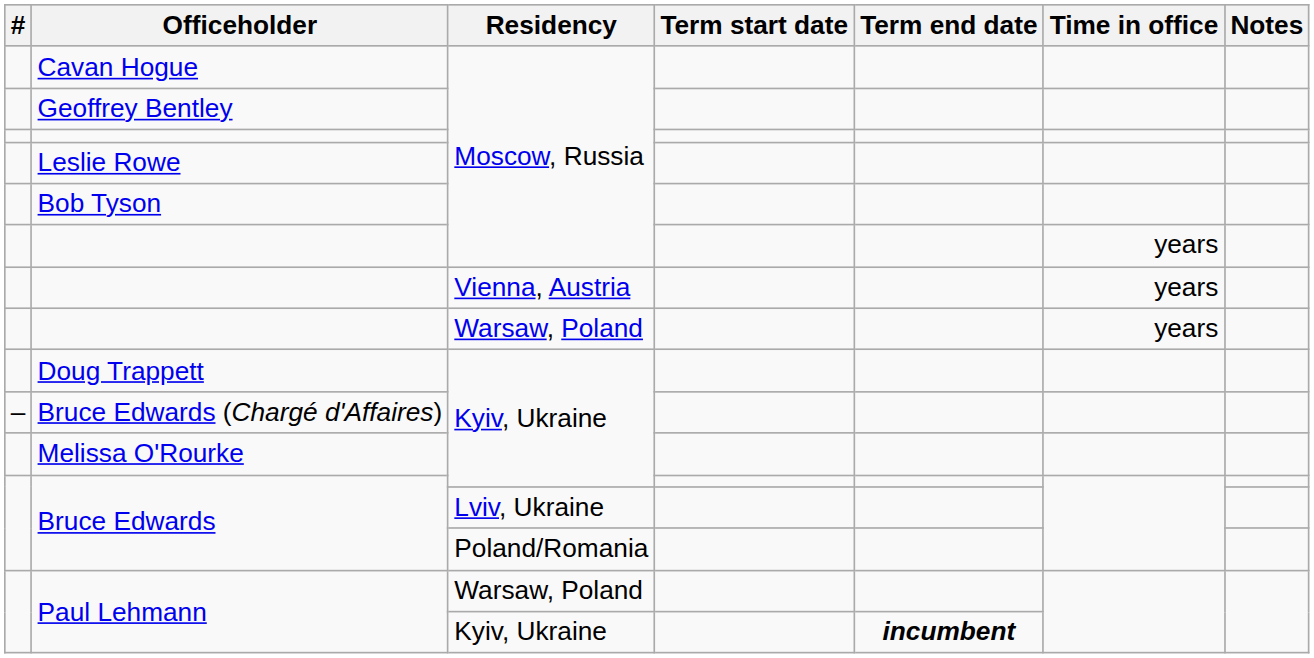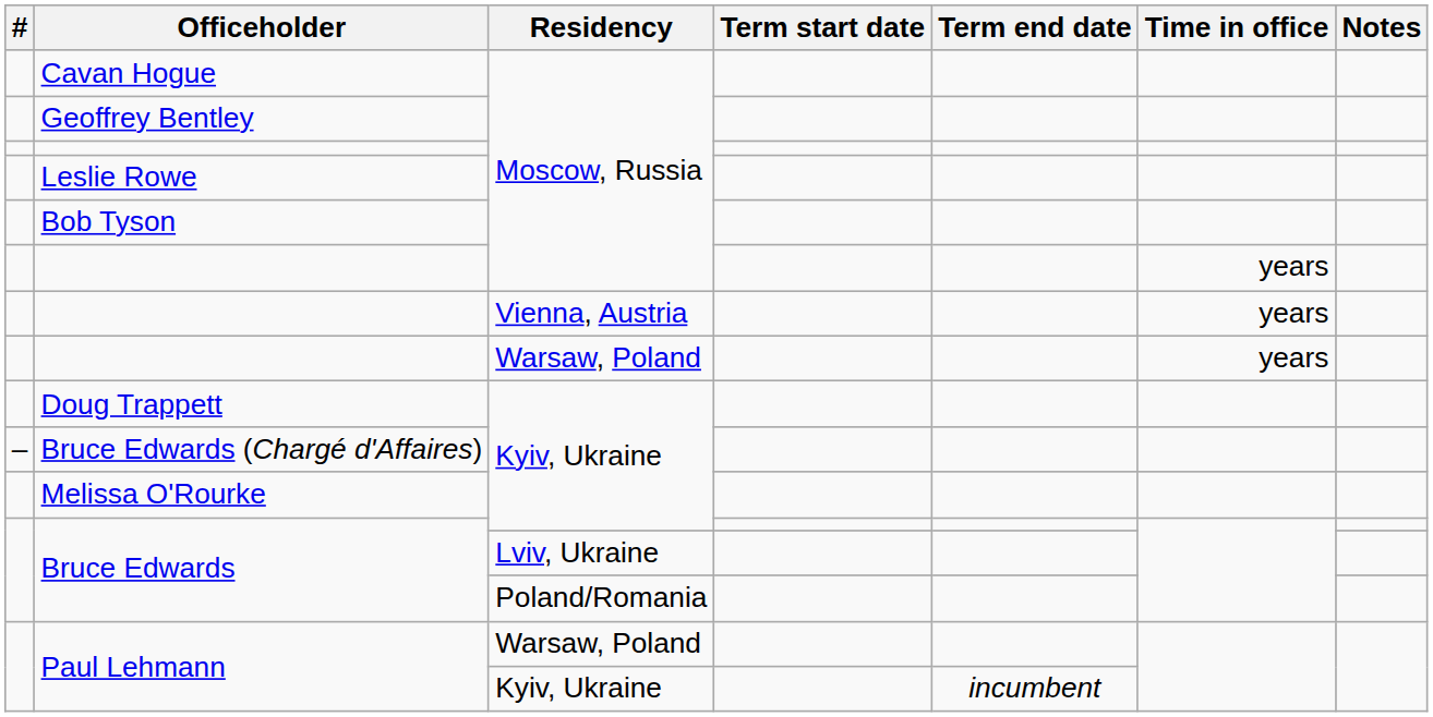 <table class='wikitable sortable'>
 <tr>
 <th>#</th>
 <th>Officeholder</th>
 <th>Residency</th>
 <th>Term start date</th>
 <th>Term end date</th>
 <th>Time in office</th>
 <th>Notes</th>
 </tr>
 <tr>
 <td align=center></td>
 <td><a href='#'>Cavan Hogue</a></td>
 <td rowspan=6><a href='#'>Moscow</a>, Russia</td>
 <td align=center></td>
 <td align=center></td>
 <td align=right></td>
 <td></td>
 </tr>
 <tr>
 <td align=center></td>
 <td><a href='#'>Geoffrey Bentley</a></td>
 <td align=center></td>
 <td align=center></td>
 <td align=right></td>
 <td></td>
 </tr>
 <tr>
 <td align=center></td>
 <td></td>
 <td align=center></td>
 <td align=center></td>
 <td align=right></td>
 <td></td>
 </tr>
 <tr>
 <td align=center></td>
 <td><a href='#'>Leslie Rowe</a></td>
 <td align=center></td>
 <td align=center></td>
 <td align=right></td>
 <td></td>
 </tr>
 <tr>
 <td align=center></td>
 <td><a href='#'>Bob Tyson</a></td>
 <td align=center></td>
 <td align=center></td>
 <td align=right><strong></strong></td>
 <td></td>
 </tr>
 <tr>
 <td align=center></td>
 <td></td>
 <td align=center></td>
 <td align=center></td>
 <td align=right> years</td>
 <td></td>
 </tr>
 <tr>
 <td align=center></td>
 <td></td>
 <td><a href='#'>Vienna</a>, <a href='#'>Austria</a></td>
 <td align=center></td>
 <td align=center></td>
 <td align=right> years</td>
 <td></td>
 </tr>
 <tr>
 <td align=center></td>
 <td></td>
 <td><a href='#'>Warsaw</a>, <a href='#'>Poland</a></td>
 <td align=center></td>
 <td align=center></td>
 <td align=right> years</td>
 <td></td>
 </tr>
 <tr>
 <td align=center></td>
 <td><a href='#'>Doug Trappett</a></td>
 <td rowspan=4><a href='#'>Kyiv</a>, Ukraine</td>
 <td align=center></td>
 <td align=center></td>
 <td align=right></td>
 <td></td>
 </tr>
 <tr>
 <td align=center>–</td>
 <td><a href='#'>Bruce Edwards</a> (<em>Chargé d'Affaires</em>)</td>
 <td align=center></td>
 <td align=center></td>
 <td align=right></td>
 <td></td>
 </tr>
 <tr>
 <td align=center></td>
 <td><a href='#'>Melissa O'Rourke</a></td>
 <td align=center></td>
 <td align=center></td>
 <td align=right></td>
 <td></td>
 </tr>
 <tr>
 <td rowspan=3 align=center></td>
 <td rowspan=3><a href='#'>Bruce Edwards</a></td>
 <td align=center></td>
 <td align=center></td>
 <td rowspan=3 align=right></td>
 <td></td>
 </tr>
 <tr>
 <td><a href='#'>Lviv</a>, Ukraine</td>
 <td align=center></td>
 <td align=center></td>
 <td></td>
 </tr>
 <tr>
 <td>Poland/Romania</td>
 <td align=center></td>
 <td align=center></td>
 <td></td>
 </tr>
 <tr>
 <td rowspan=2 align=center></td>
 <td rowspan=2><a href='#'>Paul Lehmann</a></td>
 <td>Warsaw, Poland</td>
 <td align=center></td>
 <td align=center></td>
 <td rowspan=2 align=right></td>
 <td rowspan=2></td>
 </tr>
 <tr>
 <td>Kyiv, Ukraine</td>
 <td align=center></td>
-<td align=center><strong><em>incumbent</em></strong></td>
+<td align=center><em>incumbent</em></td>
 </tr>
 </table>
